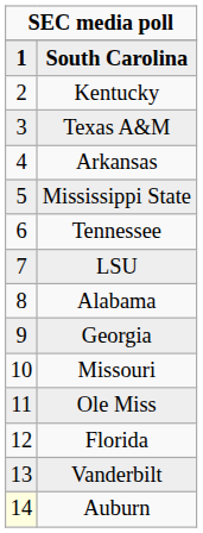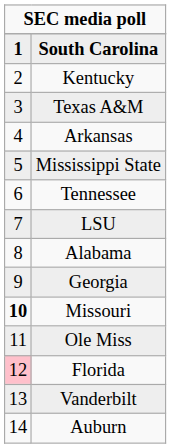 <table class="wikitable" style="display: inline-table;">
 <tr>
 <td align="center" Colspan="3"><strong>SEC media poll</strong></td>
 </tr>
 <tr align="center">
 </tr>
 <tr align="center" style="background:#eeeeee;">
 <td><strong>1</strong></td>
 <td><strong>South Carolina</strong></td>
 </tr>
 <tr align="center">
 <td>2</td>
 <td>Kentucky</td>
 </tr>
 <tr align="center" style="background:#eeeeee;">
 <td>3</td>
 <td>Texas A&M</td>
 </tr>
 <tr align="center">
 <td>4</td>
 <td>Arkansas</td>
 </tr>
 <tr align="center" style="background:#eeeeee;">
 <td>5</td>
 <td>Mississippi State</td>
 </tr>
 <tr align="center">
 <td>6</td>
 <td>Tennessee</td>
 </tr>
 <tr align="center" style="background:#eeeeee;">
 <td>7</td>
 <td>LSU</td>
 </tr>
 <tr align="center">
 <td>8</td>
 <td>Alabama</td>
 </tr>
 <tr align="center" style="background:#eeeeee;">
 <td>9</td>
 <td>Georgia</td>
 </tr>
 <tr align="center">
-<td>10</td>
+<td><strong>10</strong></td>
 <td>Missouri</td>
 </tr>
 <tr align="center" style="background:#eeeeee;">
 <td>11</td>
 <td>Ole Miss</td>
 </tr>
 <tr align="center">
-<td>12</td>
+<td style="background: pink;">12</td>
 <td>Florida</td>
 </tr>
 <tr align="center" style="background:#eeeeee;">
 <td>13</td>
 <td>Vanderbilt</td>
 </tr>
 <tr align="center">
-<td style="background: lightyellow;">14</td>
+<td>14</td>
 <td>Auburn</td>
 </tr>
 </table>
